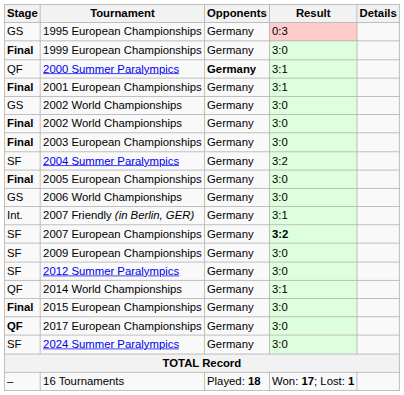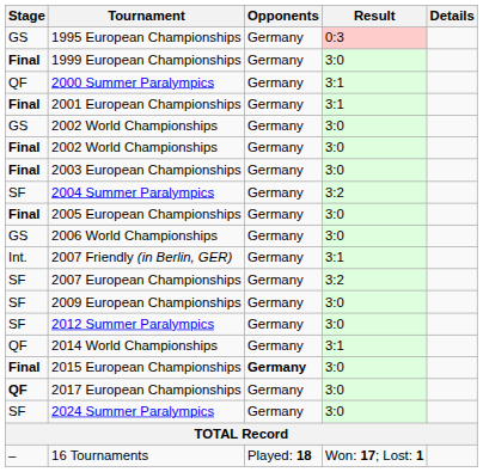 <table class="sortable wikitable" style=font-size:97%>
 <tr>
 <th>Stage</th>
 <th>Tournament</th>
 <th>Opponents</th>
 <th>Result</th>
 <th>Details</th>
 </tr>
 <tr>
 <td>GS</td>
 <td>1995 European Championships</td>
 <td> Germany</td>
 <td style="background:#fcc;">0:3</td>
 <td></td>
 </tr>
 <tr>
 <td><strong>Final</strong></td>
 <td>1999 European Championships</td>
 <td> Germany</td>
 <td style="background:#dfd;">3:0</td>
 <td></td>
 </tr>
 <tr>
 <td>QF</td>
 <td><a href='#'>2000 Summer Paralympics</a></td>
-<td><strong> Germany</strong></td>
+<td> Germany</td>
 <td style="background:#dfd;">3:1</td>
 <td></td>
 </tr>
 <tr>
 <td><strong>Final</strong></td>
 <td>2001 European Championships</td>
 <td> Germany</td>
 <td style="background:#dfd;">3:1</td>
 <td></td>
 </tr>
 <tr>
 <td>GS</td>
 <td>2002 World Championships</td>
 <td> Germany</td>
 <td style="background:#dfd;">3:0</td>
 <td></td>
 </tr>
 <tr>
 <td><strong>Final</strong></td>
 <td>2002 World Championships</td>
 <td> Germany</td>
 <td style="background:#dfd;">3:0</td>
 <td></td>
 </tr>
 <tr>
 <td><strong>Final</strong></td>
 <td>2003 European Championships</td>
 <td> Germany</td>
 <td style="background:#dfd;">3:0</td>
 <td><br></td>
 </tr>
 <tr>
 <td>SF</td>
 <td><a href='#'>2004 Summer Paralympics</a></td>
 <td> Germany</td>
 <td style="background:#dfd;">3:2</td>
 <td></td>
 </tr>
 <tr>
 <td><strong>Final</strong></td>
 <td>2005 European Championships</td>
 <td> Germany</td>
 <td style="background:#dfd;">3:0</td>
 <td><br></td>
 </tr>
 <tr>
 <td>GS</td>
 <td>2006 World Championships</td>
 <td> Germany</td>
 <td style="background:#dfd;">3:0</td>
 <td><br></td>
 </tr>
 <tr>
 <td>Int.</td>
 <td>2007 Friendly <em>(in Berlin, GER)</em></td>
 <td> Germany</td>
 <td style="background:#dfd;">3:1</td>
 <td></td>
 </tr>
 <tr>
 <td>SF</td>
 <td>2007 European Championships</td>
 <td> Germany</td>
-<td style="background:#dfd;"><strong>3:2</strong></td>
+<td style="background:#dfd;">3:2</td>
 <td><br></td>
 </tr>
 <tr>
 <td>SF</td>
 <td>2009 European Championships</td>
 <td> Germany</td>
 <td style="background:#dfd;">3:0</td>
 <td><br></td>
 </tr>
 <tr>
 <td>SF</td>
 <td><a href='#'>2012 Summer Paralympics</a></td>
 <td> Germany</td>
 <td style="background:#dfd;">3:0</td>
 <td><br></td>
 </tr>
 <tr>
 <td>QF</td>
 <td>2014 World Championships</td>
 <td> Germany</td>
 <td style="background:#dfd;">3:1</td>
 <td><br></td>
 </tr>
 <tr>
 <td><strong>Final</strong></td>
 <td>2015 European Championships</td>
-<td> Germany</td>
+<td><strong> Germany</strong></td>
 <td style="background:#dfd;">3:0</td>
 <td><br></td>
 </tr>
 <tr>
 <td><strong>QF</strong></td>
 <td>2017 European Championships</td>
 <td> Germany</td>
 <td style="background:#dfd;">3:0</td>
 <td><br></td>
 </tr>
 <tr>
 <td>SF</td>
 <td><a href='#'>2024 Summer Paralympics</a></td>
 <td> Germany</td>
 <td style="background:#dfd;">3:0</td>
 <td><br></td>
 </tr>
 <tr>
 <th colspan="5">TOTAL Record</th>
 </tr>
 <tr>
 <td>–</td>
 <td>16 Tournaments</td>
 <td>Played: <strong>18</strong></td>
 <td>Won: <strong>17</strong>; Lost: <strong>1</strong></td>
 <td><br></td>
 </tr>
 </table>
